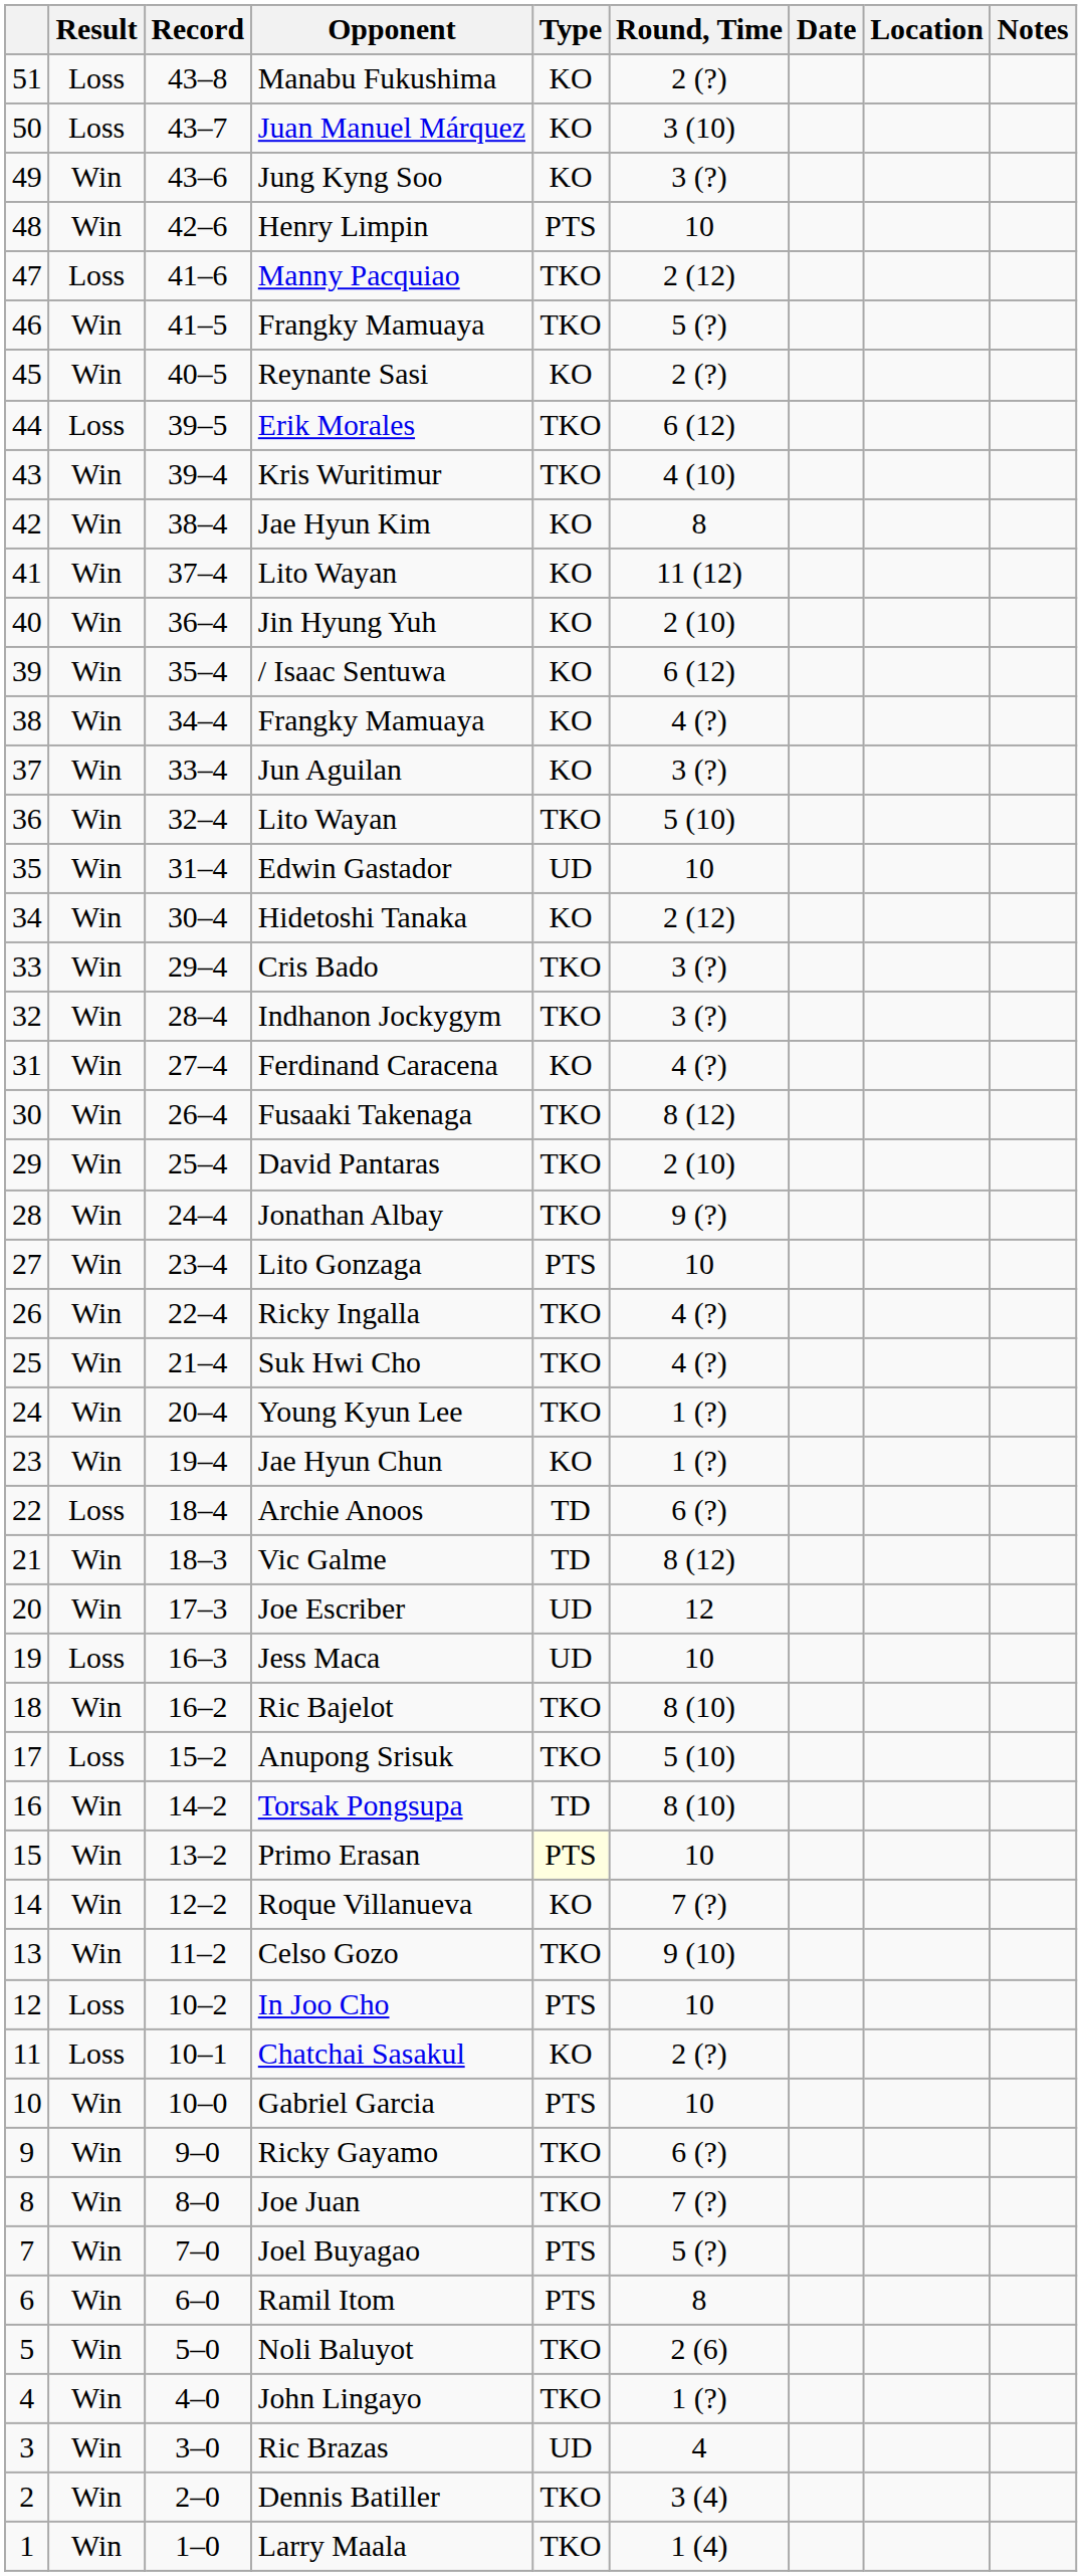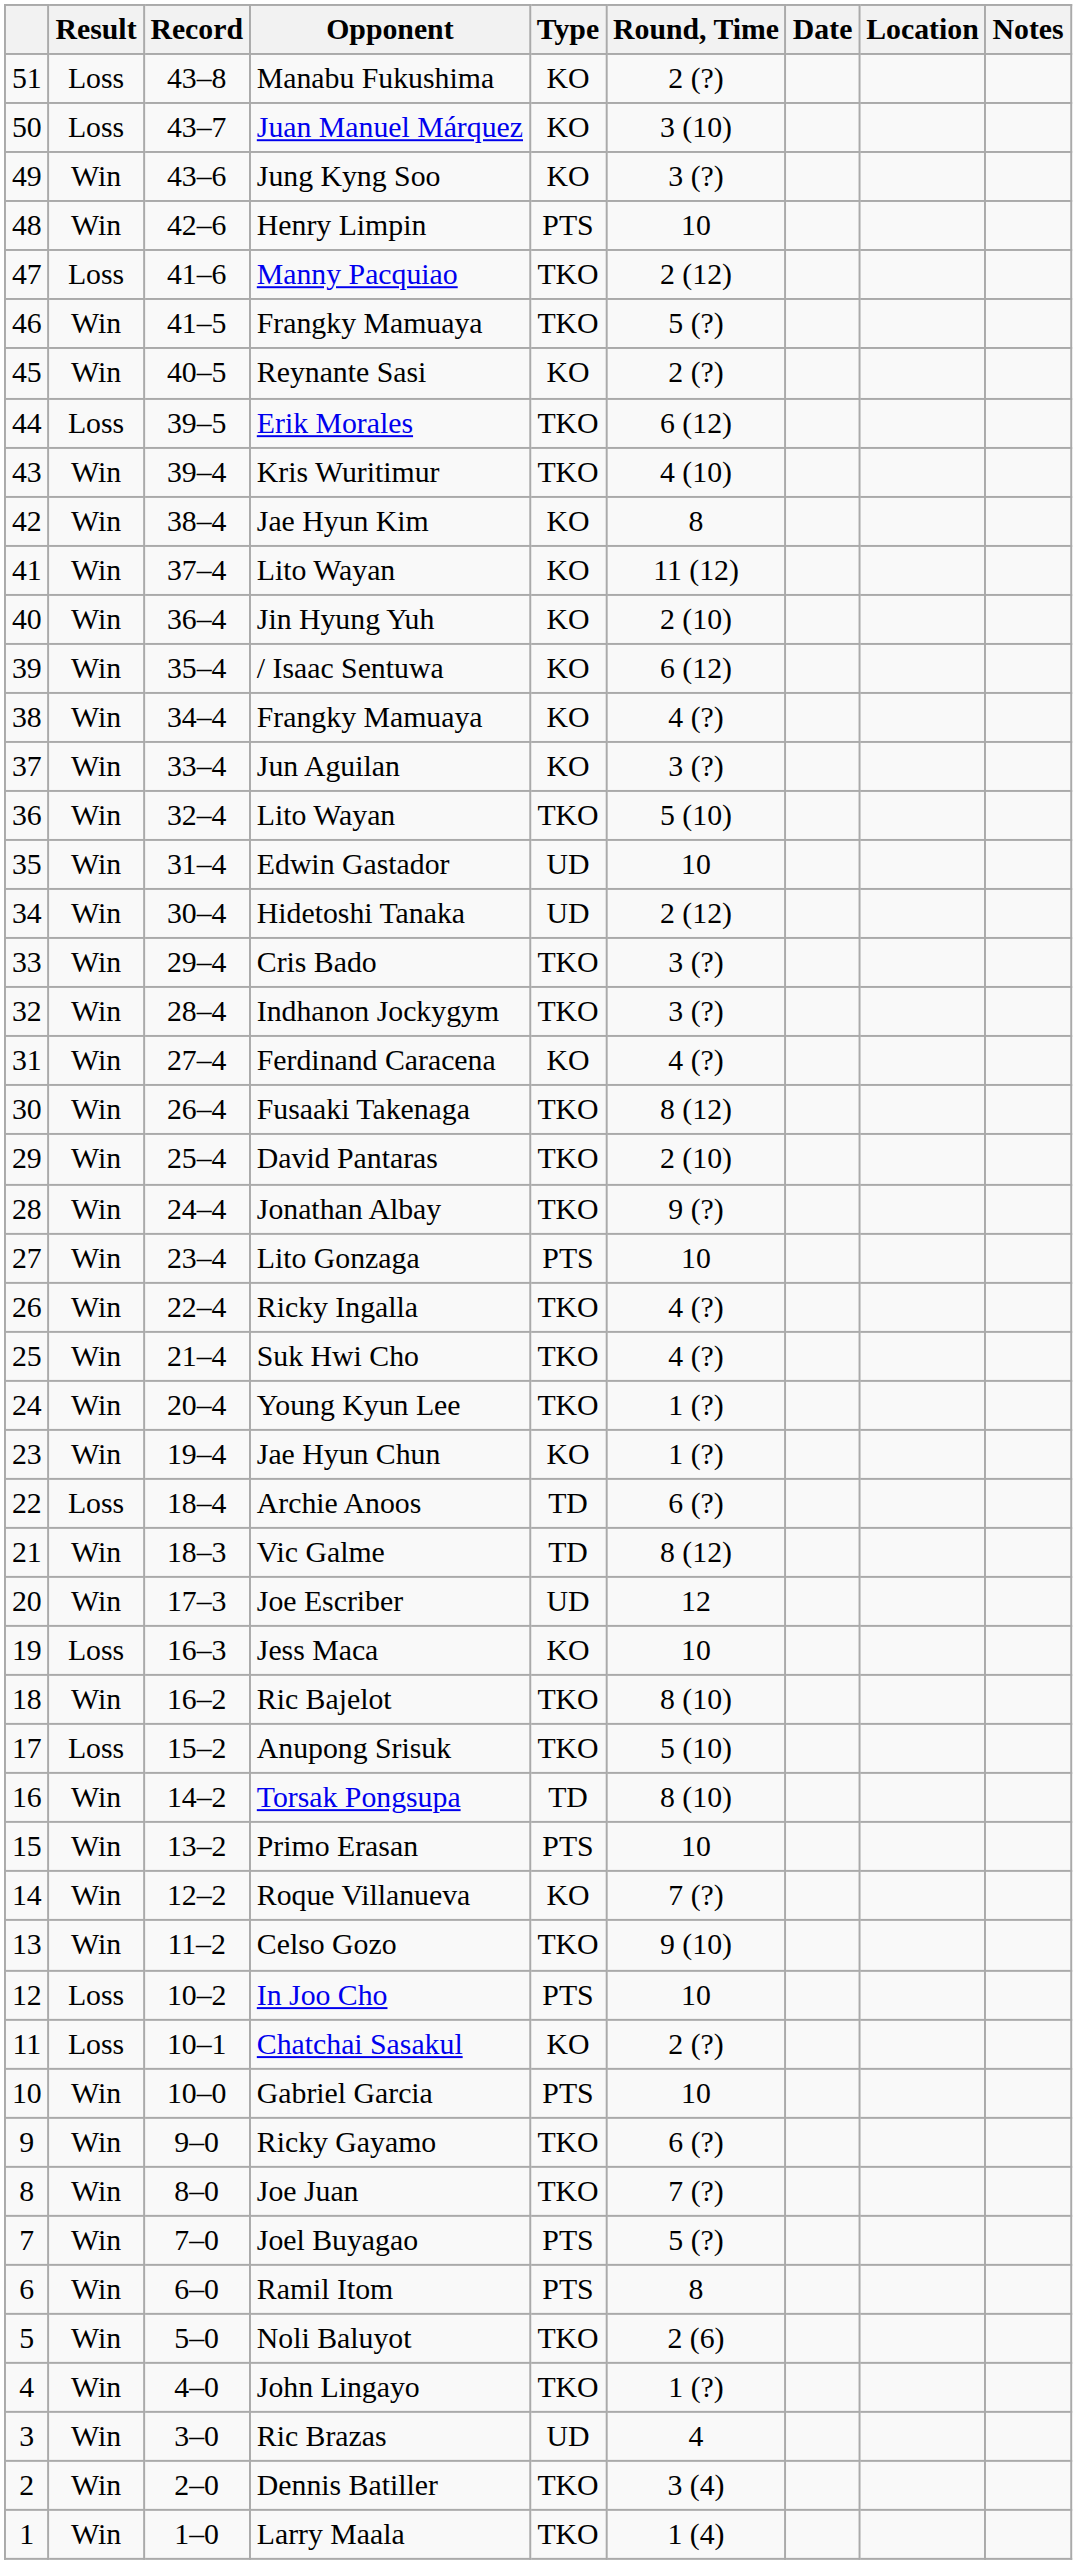 <table class="wikitable" style="text-align:center; font-size:95%">
 <tr>
 <th></th>
 <th>Result</th>
 <th>Record</th>
 <th>Opponent</th>
 <th>Type</th>
 <th>Round, Time</th>
 <th>Date</th>
 <th>Location</th>
 <th>Notes</th>
 </tr>
 <tr>
 <td>51</td>
 <td>Loss</td>
 <td>43–8</td>
 <td style="text-align:left;"> Manabu Fukushima</td>
 <td>KO</td>
 <td>2 (?)</td>
 <td></td>
 <td style="text-align:left;"></td>
 <td></td>
 </tr>
 <tr>
 <td>50</td>
 <td>Loss</td>
 <td>43–7</td>
 <td style="text-align:left;"> <a href='#'>Juan Manuel Márquez</a></td>
 <td>KO</td>
 <td>3 (10) </td>
 <td></td>
 <td style="text-align:left;"></td>
 <td></td>
 </tr>
 <tr>
 <td>49</td>
 <td>Win</td>
 <td>43–6</td>
 <td style="text-align:left;"> Jung Kyng Soo</td>
 <td>KO</td>
 <td>3 (?)</td>
 <td></td>
 <td style="text-align:left;"></td>
 <td></td>
 </tr>
 <tr>
 <td>48</td>
 <td>Win</td>
 <td>42–6</td>
 <td style="text-align:left;"> Henry Limpin</td>
 <td>PTS</td>
 <td>10</td>
 <td></td>
 <td style="text-align:left;"></td>
 <td></td>
 </tr>
 <tr>
 <td>47</td>
 <td>Loss</td>
 <td>41–6</td>
 <td style="text-align:left;"> <a href='#'>Manny Pacquiao</a></td>
 <td>TKO</td>
 <td>2 (12)</td>
 <td></td>
 <td style="text-align:left;"></td>
 <td style="text-align:left;"></td>
 </tr>
 <tr>
 <td>46</td>
 <td>Win</td>
 <td>41–5</td>
 <td style="text-align:left;"> Frangky Mamuaya</td>
 <td>TKO</td>
 <td>5 (?)</td>
 <td></td>
 <td style="text-align:left;"></td>
 <td></td>
 </tr>
 <tr>
 <td>45</td>
 <td>Win</td>
 <td>40–5</td>
 <td style="text-align:left;"> Reynante Sasi</td>
 <td>KO</td>
 <td>2 (?)</td>
 <td></td>
 <td style="text-align:left;"></td>
 <td></td>
 </tr>
 <tr>
 <td>44</td>
 <td>Loss</td>
 <td>39–5</td>
 <td style="text-align:left;"> <a href='#'>Erik Morales</a></td>
 <td>TKO</td>
 <td>6 (12) </td>
 <td></td>
 <td style="text-align:left;"></td>
 <td style="text-align:left;"></td>
 </tr>
 <tr>
 <td>43</td>
 <td>Win</td>
 <td>39–4</td>
 <td style="text-align:left;"> Kris Wuritimur</td>
 <td>TKO</td>
 <td>4 (10) </td>
 <td></td>
 <td style="text-align:left;"></td>
 <td></td>
 </tr>
 <tr>
 <td>42</td>
 <td>Win</td>
 <td>38–4</td>
 <td style="text-align:left;"> Jae Hyun Kim</td>
 <td>KO</td>
 <td>8</td>
 <td></td>
 <td style="text-align:left;"></td>
 <td></td>
 </tr>
 <tr>
 <td>41</td>
 <td>Win</td>
 <td>37–4</td>
 <td style="text-align:left;"> Lito Wayan</td>
 <td>KO</td>
 <td>11 (12)</td>
 <td></td>
 <td style="text-align:left;"></td>
 <td style="text-align:left;"></td>
 </tr>
 <tr>
 <td>40</td>
 <td>Win</td>
 <td>36–4</td>
 <td style="text-align:left;"> Jin Hyung Yuh</td>
 <td>KO</td>
 <td>2 (10)</td>
 <td></td>
 <td style="text-align:left;"></td>
 <td></td>
 </tr>
 <tr>
 <td>39</td>
 <td>Win</td>
 <td>35–4</td>
 <td style="text-align:left;"> / Isaac Sentuwa</td>
 <td>KO</td>
 <td>6 (12)</td>
 <td></td>
 <td style="text-align:left;"></td>
 <td style="text-align:left;"></td>
 </tr>
 <tr>
 <td>38</td>
 <td>Win</td>
 <td>34–4</td>
 <td style="text-align:left;"> Frangky Mamuaya</td>
 <td>KO</td>
 <td>4 (?)</td>
 <td></td>
 <td style="text-align:left;"></td>
 <td></td>
 </tr>
 <tr>
 <td>37</td>
 <td>Win</td>
 <td>33–4</td>
 <td style="text-align:left;"> Jun Aguilan</td>
 <td>KO</td>
 <td>3 (?)</td>
 <td></td>
 <td style="text-align:left;"></td>
 <td></td>
 </tr>
 <tr>
 <td>36</td>
 <td>Win</td>
 <td>32–4</td>
 <td style="text-align:left;"> Lito Wayan</td>
 <td>TKO</td>
 <td>5 (10) </td>
 <td></td>
 <td style="text-align:left;"></td>
 <td></td>
 </tr>
 <tr>
 <td>35</td>
 <td>Win</td>
 <td>31–4</td>
 <td style="text-align:left;"> Edwin Gastador</td>
 <td>UD</td>
 <td>10</td>
 <td></td>
 <td style="text-align:left;"></td>
 <td></td>
 </tr>
 <tr>
 <td>34</td>
 <td>Win</td>
 <td>30–4</td>
 <td style="text-align:left;"> Hidetoshi Tanaka</td>
-<td>KO</td>
+<td>UD</td>
 <td>2 (12) </td>
 <td></td>
 <td style="text-align:left;"></td>
 <td style="text-align:left;'"></td>
 </tr>
 <tr>
 <td>33</td>
 <td>Win</td>
 <td>29–4</td>
 <td style="text-align:left;"> Cris Bado</td>
 <td>TKO</td>
 <td>3 (?)</td>
 <td></td>
 <td style="text-align:left;"></td>
 <td></td>
 </tr>
 <tr>
 <td>32</td>
 <td>Win</td>
 <td>28–4</td>
 <td style="text-align:left;"> Indhanon Jockygym</td>
 <td>TKO</td>
 <td>3 (?)</td>
 <td></td>
 <td style="text-align:left;"></td>
 <td></td>
 </tr>
 <tr>
 <td>31</td>
 <td>Win</td>
 <td>27–4</td>
 <td style="text-align:left;"> Ferdinand Caracena</td>
 <td>KO</td>
 <td>4 (?)</td>
 <td></td>
 <td style="text-align:left;"></td>
 <td></td>
 </tr>
 <tr>
 <td>30</td>
 <td>Win</td>
 <td>26–4</td>
 <td style="text-align:left;"> Fusaaki Takenaga</td>
 <td>TKO</td>
 <td>8 (12) </td>
 <td></td>
 <td style="text-align:left;"></td>
 <td style="text-align:keft;"></td>
 </tr>
 <tr>
 <td>29</td>
 <td>Win</td>
 <td>25–4</td>
 <td style="text-align:left;"> David Pantaras</td>
 <td>TKO</td>
 <td>2 (10)</td>
 <td></td>
 <td style="text-align:left;"></td>
 <td></td>
 </tr>
 <tr>
 <td>28</td>
 <td>Win</td>
 <td>24–4</td>
 <td style="text-align:left;"> Jonathan Albay</td>
 <td>TKO</td>
 <td>9 (?)</td>
 <td></td>
 <td style="text-align:left;"></td>
 <td></td>
 </tr>
 <tr>
 <td>27</td>
 <td>Win</td>
 <td>23–4</td>
 <td style="text-align:left;"> Lito Gonzaga</td>
 <td>PTS</td>
 <td>10</td>
 <td></td>
 <td style="text-align:left;"></td>
 <td></td>
 </tr>
 <tr>
 <td>26</td>
 <td>Win</td>
 <td>22–4</td>
 <td style="text-align:left;"> Ricky Ingalla</td>
 <td>TKO</td>
 <td>4 (?)</td>
 <td></td>
 <td style="text-align:left;"></td>
 <td></td>
 </tr>
 <tr>
 <td>25</td>
 <td>Win</td>
 <td>21–4</td>
 <td style="text-align:left;"> Suk Hwi Cho</td>
 <td>TKO</td>
 <td>4 (?)</td>
 <td></td>
 <td style="text-align:left;"></td>
 <td></td>
 </tr>
 <tr>
 <td>24</td>
 <td>Win</td>
 <td>20–4</td>
 <td style="text-align:left;"> Young Kyun Lee</td>
 <td>TKO</td>
 <td>1 (?)</td>
 <td></td>
 <td style="text-align:left;"></td>
 <td></td>
 </tr>
 <tr>
 <td>23</td>
 <td>Win</td>
 <td>19–4</td>
 <td style="text-align:left;"> Jae Hyun Chun</td>
 <td>KO</td>
 <td>1 (?)</td>
 <td></td>
 <td style="text-align:left;"></td>
 <td></td>
 </tr>
 <tr>
 <td>22</td>
 <td>Loss</td>
 <td>18–4</td>
 <td style="text-align:left;"> Archie Anoos</td>
 <td>TD</td>
 <td>6 (?)</td>
 <td></td>
 <td style="text-align:left;"></td>
 <td></td>
 </tr>
 <tr>
 <td>21</td>
 <td>Win</td>
 <td>18–3</td>
 <td style="text-align:left;"> Vic Galme</td>
 <td>TD</td>
 <td>8 (12) </td>
 <td></td>
 <td style="text-align:left;"></td>
 <td style="text-align:left;"></td>
 </tr>
 <tr>
 <td>20</td>
 <td>Win</td>
 <td>17–3</td>
 <td style="text-align:left;"> Joe Escriber</td>
 <td>UD</td>
 <td>12</td>
 <td></td>
 <td style="text-align:left;"></td>
 <td style="text-align:left;"></td>
 </tr>
 <tr>
 <td>19</td>
 <td>Loss</td>
 <td>16–3</td>
 <td style="text-align:left;"> Jess Maca</td>
-<td>UD</td>
+<td>KO</td>
 <td>10</td>
 <td></td>
 <td style="text-align:left;"></td>
 <td></td>
 </tr>
 <tr>
 <td>18</td>
 <td>Win</td>
 <td>16–2</td>
 <td style="text-align:left;"> Ric Bajelot</td>
 <td>TKO</td>
 <td>8 (10)</td>
 <td></td>
 <td style="text-align:left;"></td>
 <td></td>
 </tr>
 <tr>
 <td>17</td>
 <td>Loss</td>
 <td>15–2</td>
 <td style="text-align:left;"> Anupong Srisuk</td>
 <td>TKO</td>
 <td>5 (10) </td>
 <td></td>
 <td style="text-align:left;"></td>
 <td></td>
 </tr>
 <tr>
 <td>16</td>
 <td>Win</td>
 <td>14–2</td>
 <td style="text-align:left;"> <a href='#'>Torsak Pongsupa</a></td>
 <td>TD</td>
 <td>8 (10)</td>
 <td></td>
 <td style="text-align:left;"></td>
 <td></td>
 </tr>
 <tr>
 <td>15</td>
 <td>Win</td>
 <td>13–2</td>
 <td style="text-align:left;"> Primo Erasan</td>
-<td style="background: lightyellow;">PTS</td>
+<td>PTS</td>
 <td>10</td>
 <td></td>
 <td style="text-align:left;"></td>
 <td></td>
 </tr>
 <tr>
 <td>14</td>
 <td>Win</td>
 <td>12–2</td>
 <td style="text-align:left;"> Roque Villanueva</td>
 <td>KO</td>
 <td>7 (?)</td>
 <td></td>
 <td style="text-align:left;"></td>
 <td></td>
 </tr>
 <tr>
 <td>13</td>
 <td>Win</td>
 <td>11–2</td>
 <td style="text-align:left;"> Celso Gozo</td>
 <td>TKO</td>
 <td>9 (10)</td>
 <td></td>
 <td style="text-align:left;"></td>
 <td></td>
 </tr>
 <tr>
 <td>12</td>
 <td>Loss</td>
 <td>10–2</td>
 <td style="text-align:left;"> <a href='#'>In Joo Cho</a></td>
 <td>PTS</td>
 <td>10</td>
 <td></td>
 <td style="text-align:left;"></td>
 <td></td>
 </tr>
 <tr>
 <td>11</td>
 <td>Loss</td>
 <td>10–1</td>
 <td style="text-align:left;"> <a href='#'>Chatchai Sasakul</a></td>
 <td>KO</td>
 <td>2 (?)</td>
 <td></td>
 <td style="text-align:left;"></td>
 <td></td>
 </tr>
 <tr>
 <td>10</td>
 <td>Win</td>
 <td>10–0</td>
 <td style="text-align:left;"> Gabriel Garcia</td>
 <td>PTS</td>
 <td>10</td>
 <td></td>
 <td style="text-align:left;"></td>
 <td></td>
 </tr>
 <tr>
 <td>9</td>
 <td>Win</td>
 <td>9–0</td>
 <td style="text-align:left;"> Ricky Gayamo</td>
 <td>TKO</td>
 <td>6 (?)</td>
 <td></td>
 <td style="text-align:left;"></td>
 <td></td>
 </tr>
 <tr>
 <td>8</td>
 <td>Win</td>
 <td>8–0</td>
 <td style="text-align:left;"> Joe Juan</td>
 <td>TKO</td>
 <td>7 (?)</td>
 <td></td>
 <td style="text-align:left;"></td>
 <td></td>
 </tr>
 <tr>
 <td>7</td>
 <td>Win</td>
 <td>7–0</td>
 <td style="text-align:left;"> Joel Buyagao</td>
 <td>PTS</td>
 <td>5 (?)</td>
 <td></td>
 <td style="text-align:left;"></td>
 <td></td>
 </tr>
 <tr>
 <td>6</td>
 <td>Win</td>
 <td>6–0</td>
 <td style="text-align:left;"> Ramil Itom</td>
 <td>PTS</td>
 <td>8</td>
 <td></td>
 <td style="text-align:left;"></td>
 <td></td>
 </tr>
 <tr>
 <td>5</td>
 <td>Win</td>
 <td>5–0</td>
 <td style="text-align:left;"> Noli Baluyot</td>
 <td>TKO</td>
 <td>2 (6)</td>
 <td></td>
 <td style="text-align:left;"></td>
 <td></td>
 </tr>
 <tr>
 <td>4</td>
 <td>Win</td>
 <td>4–0</td>
 <td style="text-align:left;"> John Lingayo</td>
 <td>TKO</td>
 <td>1 (?)</td>
 <td></td>
 <td style="text-align:left;"></td>
 <td></td>
 </tr>
 <tr>
 <td>3</td>
 <td>Win</td>
 <td>3–0</td>
 <td style="text-align:left;"> Ric Brazas</td>
 <td>UD</td>
 <td>4</td>
 <td></td>
 <td style="text-align:left;"></td>
 <td></td>
 </tr>
 <tr>
 <td>2</td>
 <td>Win</td>
 <td>2–0</td>
 <td style="text-align:left;"> Dennis Batiller</td>
 <td>TKO</td>
 <td>3 (4) </td>
 <td></td>
 <td style="text-align:left;"></td>
 <td></td>
 </tr>
 <tr>
 <td>1</td>
 <td>Win</td>
 <td>1–0</td>
 <td style="text-align:left;"> Larry Maala</td>
 <td>TKO</td>
 <td>1 (4)</td>
 <td></td>
 <td style="text-align:left;"></td>
 <td style="text-align:left;"></td>
 </tr>
 </table>
